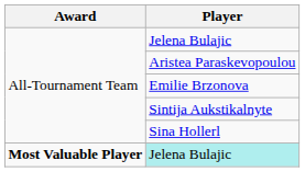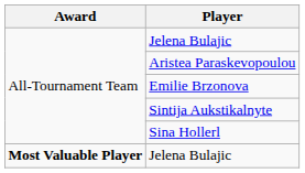 <table class="wikitable">
 <tr>
 <th>Award</th>
 <th>Player</th>
 </tr>
 <tr>
 <td rowspan=5>All-Tournament Team</td>
 <td> <a href='#'>Jelena Bulajic</a></td>
 </tr>
 <tr>
 <td> <a href='#'>Aristea Paraskevopoulou</a></td>
 </tr>
 <tr>
 <td> <a href='#'>Emilie Brzonova</a></td>
 </tr>
 <tr>
 <td> <a href='#'>Sintija Aukstikalnyte</a></td>
 </tr>
 <tr>
 <td> <a href='#'>Sina Hollerl</a></td>
 </tr>
 <tr>
 <td><strong>Most Valuable Player</strong></td>
-<td style="background: paleturquoise;"> Jelena Bulajic</td>
+<td> Jelena Bulajic</td>
 </tr>
 </table>
